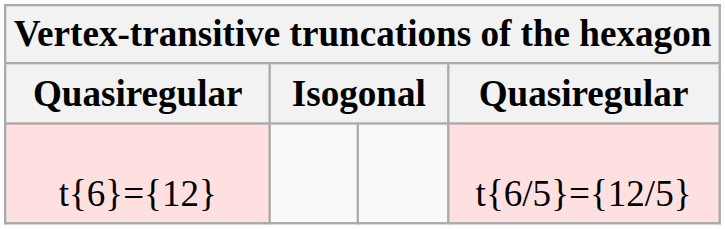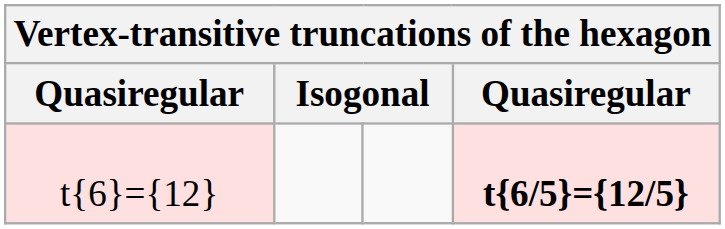 <table class="wikitable collapsible collapsed">
 <tr>
 <th colspan=4>Vertex-transitive truncations of the hexagon</th>
 </tr>
 <tr>
 <th>Quasiregular</th>
 <th colspan=2>Isogonal</th>
 <th>Quasiregular</th>
 </tr>
 <tr align=center valign=top>
 <td BGCOLOR="#ffe0e0"><br>t{6}={12}</td>
 <td></td>
 <td></td>
-<td BGCOLOR="#ffe0e0"><br>t{6/5}={12/5}</td>
+<td BGCOLOR="#ffe0e0"><strong><br>t{6/5}={12/5}</strong></td>
 </tr>
 </table>
